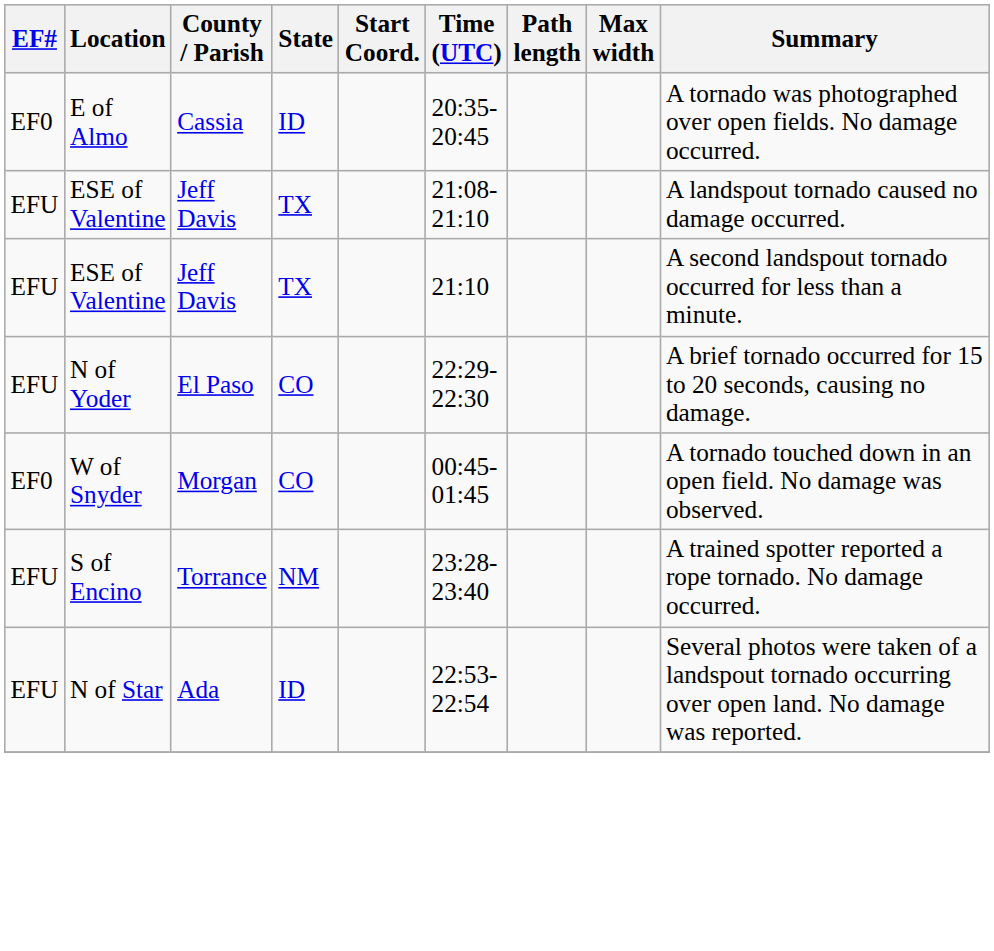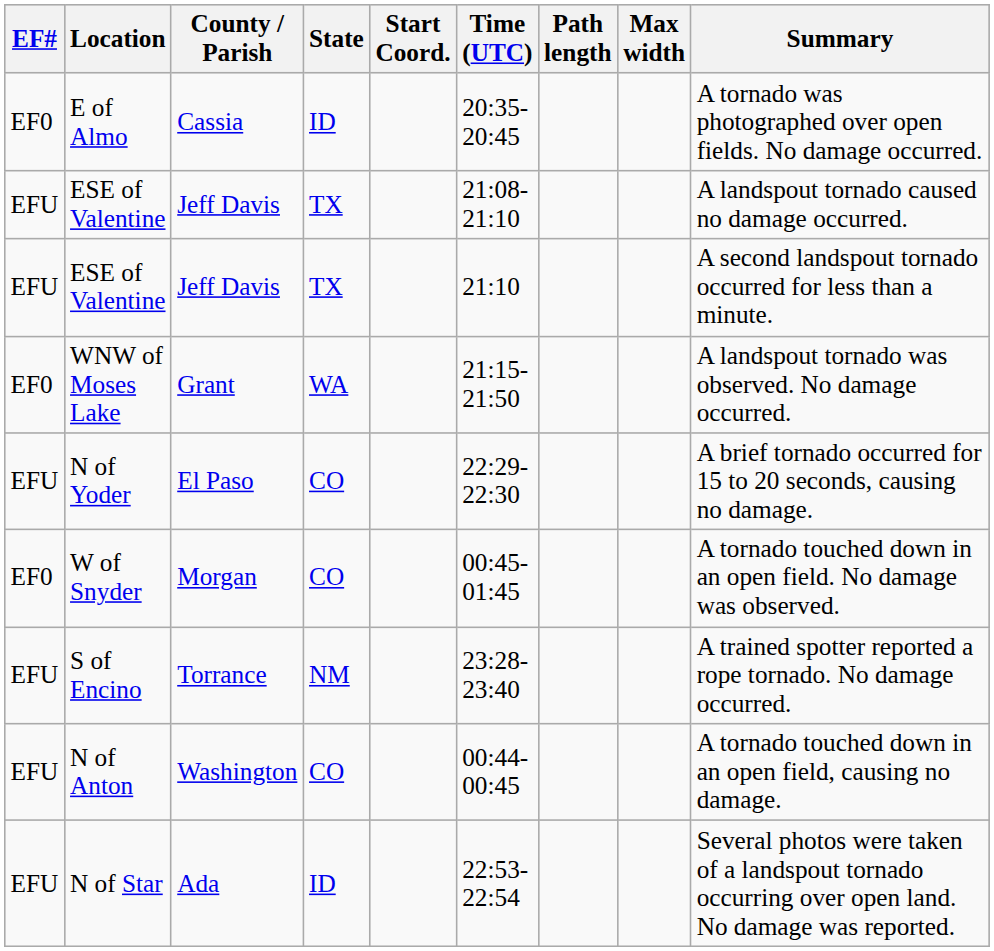 <table class="wikitable sortable" style="width:100%;">
 <tr>
 <th scope="col"  style="width:3%; text-align:center;"><a href='#'>EF#</a></th>
 <th scope="col"  style="width:7%; text-align:center;" class="unsortable">Location</th>
 <th scope="col"  style="width:6%; text-align:center;" class="unsortable">County / Parish</th>
 <th scope="col"  style="width:5%; text-align:center;">State</th>
 <th scope="col"  style="width:6%; text-align:center;">Start Coord.</th>
 <th scope="col"  style="width:6%; text-align:center;">Time (<a href='#'>UTC</a>)</th>
 <th scope="col"  style="width:6%; text-align:center;">Path length</th>
 <th scope="col"  style="width:6%; text-align:center;">Max width</th>
 <th scope="col" class="unsortable" style="width:48%; text-align:center;">Summary</th>
 </tr>
 <tr>
 <td>EF0</td>
 <td>E of <a href='#'>Almo</a></td>
 <td><a href='#'>Cassia</a></td>
 <td><a href='#'>ID</a></td>
 <td></td>
 <td>20:35-20:45</td>
 <td></td>
 <td></td>
 <td>A tornado was photographed over open fields. No damage occurred.</td>
 </tr>
 <tr>
 <td>EFU</td>
 <td>ESE of <a href='#'>Valentine</a></td>
 <td><a href='#'>Jeff Davis</a></td>
 <td><a href='#'>TX</a></td>
 <td></td>
 <td>21:08-21:10</td>
 <td></td>
 <td></td>
 <td>A landspout tornado caused no damage occurred.</td>
 </tr>
 <tr>
 <td>EFU</td>
 <td>ESE of <a href='#'>Valentine</a></td>
 <td><a href='#'>Jeff Davis</a></td>
 <td><a href='#'>TX</a></td>
 <td></td>
 <td>21:10</td>
 <td></td>
 <td></td>
 <td>A second landspout tornado occurred for less than a minute.</td>
 </tr>
 <tr>
+<td>EF0</td>
+<td>WNW of <a href='#'>Moses Lake</a></td>
+<td><a href='#'>Grant</a></td>
+<td><a href='#'>WA</a></td>
+<td></td>
+<td>21:15-21:50</td>
+<td></td>
+<td></td>
+<td>A landspout tornado was observed. No damage occurred.</td>
+</tr>
+<tr>
 <td>EFU</td>
 <td>N of <a href='#'>Yoder</a></td>
 <td><a href='#'>El Paso</a></td>
 <td><a href='#'>CO</a></td>
 <td></td>
 <td>22:29-22:30</td>
 <td></td>
 <td></td>
 <td>A brief tornado occurred for 15 to 20 seconds, causing no damage.</td>
 </tr>
 <tr>
 <td>EF0</td>
 <td>W of <a href='#'>Snyder</a></td>
 <td><a href='#'>Morgan</a></td>
 <td><a href='#'>CO</a></td>
 <td></td>
 <td>00:45-01:45</td>
 <td></td>
 <td></td>
 <td>A tornado touched down in an open field. No damage was observed.</td>
 </tr>
 <tr>
 <td>EFU</td>
 <td>S of <a href='#'>Encino</a></td>
 <td><a href='#'>Torrance</a></td>
 <td><a href='#'>NM</a></td>
 <td></td>
 <td>23:28-23:40</td>
 <td></td>
 <td></td>
 <td>A trained spotter reported a rope tornado. No damage occurred.</td>
 </tr>
 <tr>
 <td>EFU</td>
+<td>N of <a href='#'>Anton</a></td>
+<td><a href='#'>Washington</a></td>
+<td><a href='#'>CO</a></td>
+<td></td>
+<td>00:44-00:45</td>
+<td></td>
+<td></td>
+<td>A tornado touched down in an open field, causing no damage.</td>
+</tr>
+<tr>
+<td>EFU</td>
 <td>N of <a href='#'>Star</a></td>
 <td><a href='#'>Ada</a></td>
 <td><a href='#'>ID</a></td>
 <td></td>
 <td>22:53-22:54</td>
 <td></td>
 <td></td>
 <td>Several photos were taken of a landspout tornado occurring over open land. No damage was reported.</td>
 </tr>
 <tr>
 </tr>
 </table>
